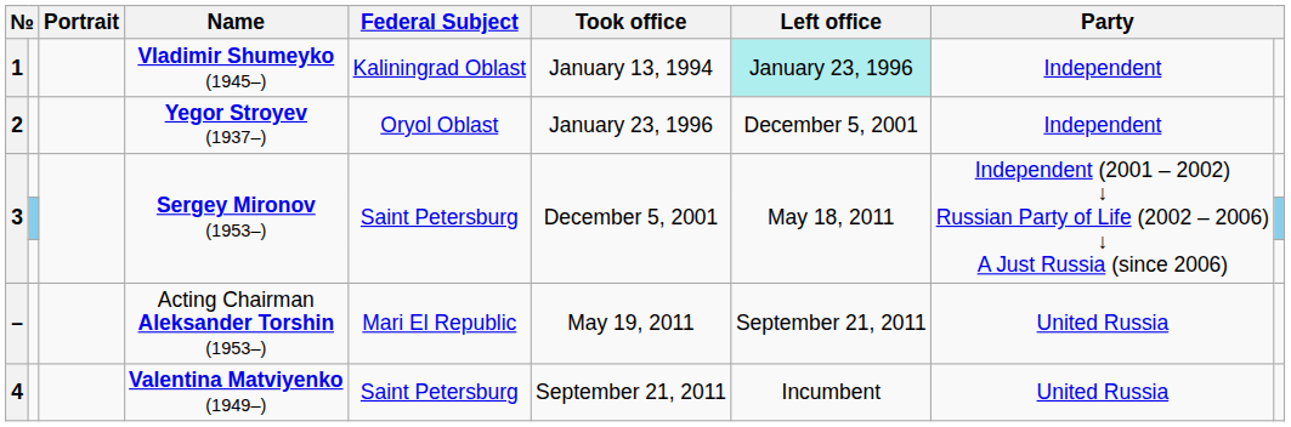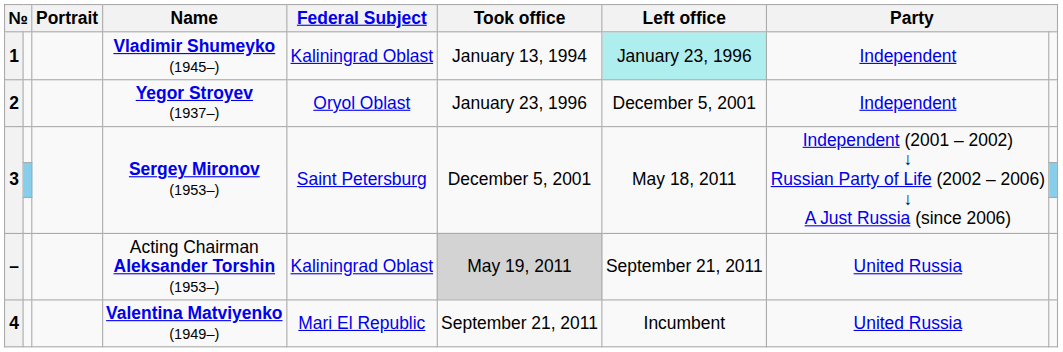 <table class="wikitable">
 <tr>
 <th colspan=2>№</th>
 <th>Portrait</th>
 <th>Name</th>
 <th><a href='#'>Federal Subject</a></th>
 <th>Took office</th>
 <th>Left office</th>
 <th colspan=2>Party</th>
 </tr>
 <tr>
 <th align=center>1</th>
 <td align=center style="background: "></td>
 <td align=center></td>
 <td align=center><strong><a href='#'>Vladimir Shumeyko</a></strong><br><small>(1945–)</small></td>
 <td align=center><a href='#'>Kaliningrad Oblast</a></td>
 <td align=center>January 13, 1994</td>
 <td align=center style="background: paleturquoise;">January 23, 1996</td>
 <td align=center><a href='#'>Independent</a></td>
 <td style="background: "></td>
 </tr>
 <tr>
 <th align=center>2</th>
 <td align=center style="background: "></td>
 <td align=center></td>
 <td align=center><strong><a href='#'>Yegor Stroyev</a></strong><br><small>(1937–)</small></td>
 <td align=center><a href='#'>Oryol Oblast</a></td>
 <td align=center>January 23, 1996</td>
 <td align=center>December 5, 2001</td>
 <td align=center><a href='#'>Independent</a></td>
 <td style="background: "></td>
 </tr>
 <tr>
 <th rowspan=3 align=center>3</th>
 <td align=center style="background: "></td>
 <td rowspan=3 align=center></td>
 <td rowspan=3 align=center><strong><a href='#'>Sergey Mironov</a></strong><br><small>(1953–)</small></td>
 <td rowspan="3" align=center><a href='#'>Saint Petersburg</a></td>
 <td rowspan=3 align=center>December 5, 2001</td>
 <td rowspan=3 align=center>May 18, 2011</td>
 <td rowspan=3 align=center><a href='#'>Independent</a> (2001 – 2002)<br>↓<br><a href='#'>Russian Party of Life</a> (2002 – 2006)<br>↓<br><a href='#'>A Just Russia</a> (since 2006)</td>
 <td align=center style="background: "></td>
 </tr>
 <tr>
 <td align=center style="background: skyblue;"></td>
 <td align=center style="background: skyblue;"></td>
 </tr>
 <tr>
 <td align=center style="background: "></td>
 <td align=center style="background: "></td>
 </tr>
 <tr>
 <th align=center>–</th>
 <td align=center style="background: "></td>
 <td align=center></td>
 <td align=center>Acting Chairman<br><strong><a href='#'>Aleksander Torshin</a></strong><br><small>(1953–)</small></td>
-<td align=center><a href='#'>Mari El Republic</a></td>
-<td align=center>May 19, 2011</td>
+<td align=center><a href='#'>Kaliningrad Oblast</a></td>
+<td align=center style="background: lightgrey;">May 19, 2011</td>
 <td align=center>September 21, 2011</td>
 <td align=center><a href='#'>United Russia</a></td>
 <td style="background: "></td>
 </tr>
 <tr>
 <th align=center>4</th>
 <td align=center style="background: "></td>
 <td align=center></td>
 <td align=center><strong><a href='#'>Valentina Matviyenko</a></strong><br><small>(1949–)</small></td>
-<td align=center><a href='#'>Saint Petersburg</a></td>
+<td align=center><a href='#'>Mari El Republic</a></td>
 <td align=center>September 21, 2011</td>
 <td align=center>Incumbent</td>
 <td align=center><a href='#'>United Russia</a></td>
 <td style="background: "></td>
 </tr>
 </table>
